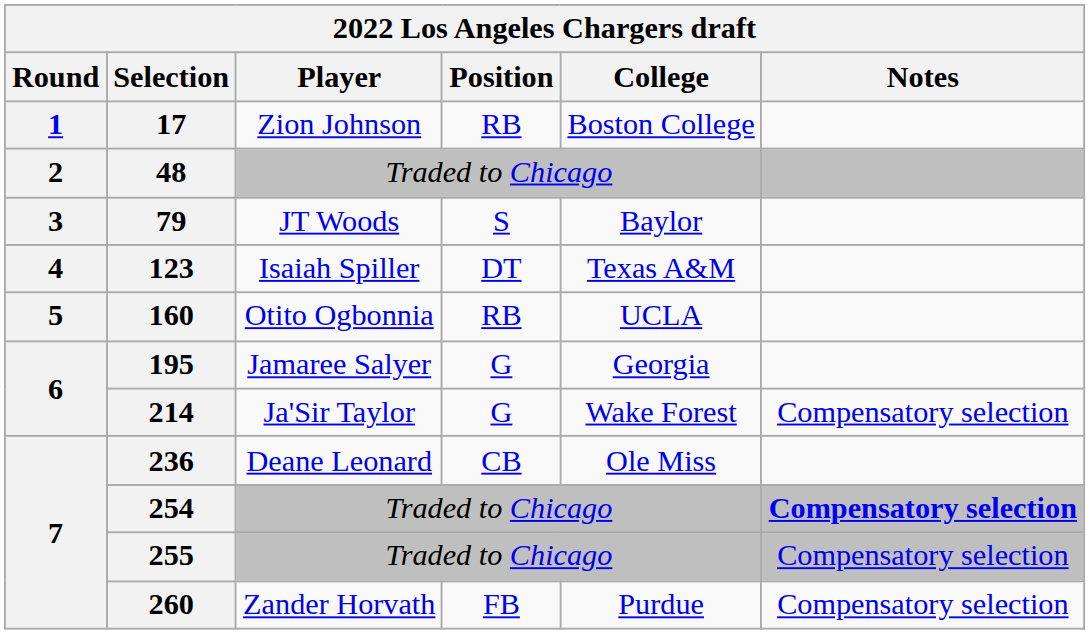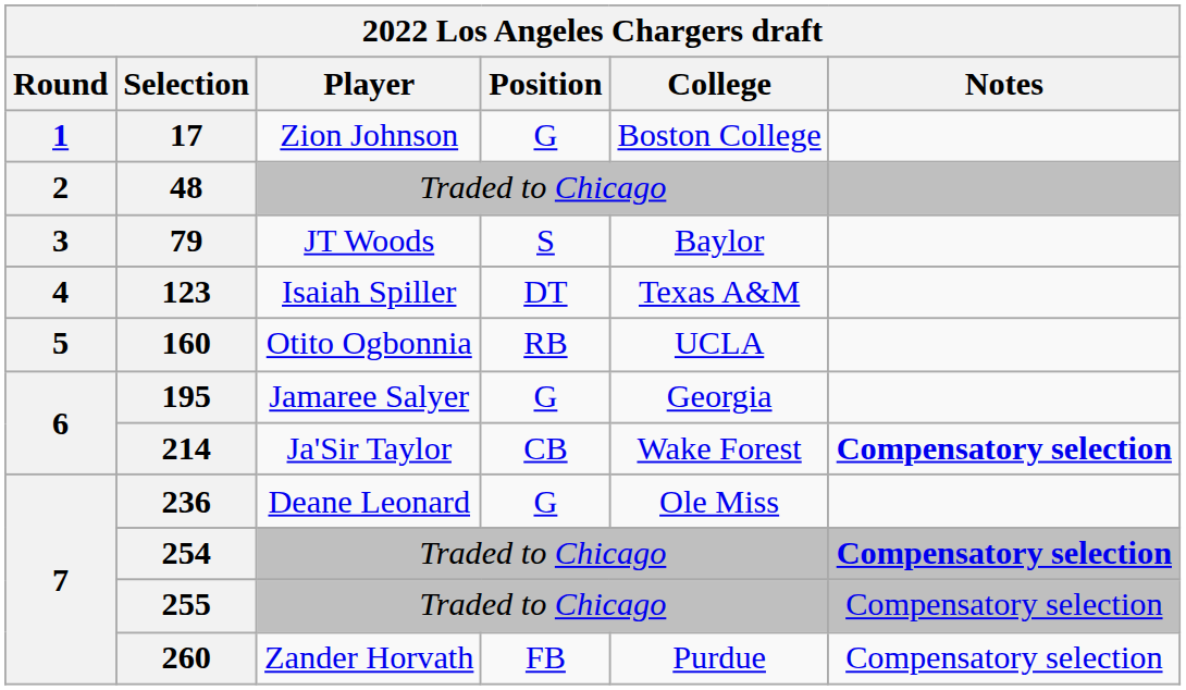 <table class="wikitable" style="text-align:center">
 <tr>
 <th colspan=6>2022 Los Angeles Chargers draft</th>
 </tr>
 <tr>
 <th>Round</th>
 <th>Selection</th>
 <th>Player</th>
 <th>Position</th>
 <th>College</th>
 <th>Notes</th>
 </tr>
 <tr>
 <th><a href='#'>1</a></th>
 <th>17</th>
 <td><a href='#'>Zion Johnson</a></td>
-<td><a href='#'>RB</a></td>
+<td><a href='#'>G</a></td>
 <td><a href='#'>Boston College</a></td>
 <td></td>
 </tr>
 <tr>
 <th>2</th>
 <th>48</th>
 <td colspan="3" style="background:#BFBFBF"><em>Traded to <a href='#'>Chicago</a></em></td>
 <td style="background:#BFBFBF"></td>
 </tr>
 <tr>
 <th>3</th>
 <th>79</th>
 <td><a href='#'>JT Woods</a></td>
 <td><a href='#'>S</a></td>
 <td><a href='#'>Baylor</a></td>
 <td></td>
 </tr>
 <tr>
 <th>4</th>
 <th>123</th>
 <td><a href='#'>Isaiah Spiller</a></td>
 <td><a href='#'>DT</a></td>
 <td><a href='#'>Texas A&M</a></td>
 <td></td>
 </tr>
 <tr>
 <th>5</th>
 <th>160</th>
 <td><a href='#'>Otito Ogbonnia</a></td>
 <td><a href='#'>RB</a></td>
 <td><a href='#'>UCLA</a></td>
 <td></td>
 </tr>
 <tr>
 <th rowspan="2">6</th>
 <th>195</th>
 <td><a href='#'>Jamaree Salyer</a></td>
 <td><a href='#'>G</a></td>
 <td><a href='#'>Georgia</a></td>
 <td></td>
 </tr>
 <tr>
 <th>214</th>
 <td><a href='#'>Ja'Sir Taylor</a></td>
-<td><a href='#'>G</a></td>
+<td><a href='#'>CB</a></td>
 <td><a href='#'>Wake Forest</a></td>
-<td><a href='#'>Compensatory selection</a></td>
+<td><strong><a href='#'>Compensatory selection</a></strong></td>
 </tr>
 <tr>
 <th rowspan="4">7</th>
 <th>236</th>
 <td><a href='#'>Deane Leonard</a></td>
-<td><a href='#'>CB</a></td>
+<td><a href='#'>G</a></td>
 <td><a href='#'>Ole Miss</a></td>
 <td></td>
 </tr>
 <tr>
 <th>254</th>
 <td colspan="3" style="background:#BFBFBF"><em>Traded to <a href='#'>Chicago</a></em></td>
 <td style="background:#BFBFBF"><strong><a href='#'>Compensatory selection</a></strong></td>
 </tr>
 <tr>
 <th>255</th>
 <td colspan="3" style="background:#BFBFBF"><em>Traded to <a href='#'>Chicago</a></em></td>
 <td style="background:#BFBFBF"><a href='#'>Compensatory selection</a></td>
 </tr>
 <tr>
 <th>260</th>
 <td><a href='#'>Zander Horvath</a></td>
 <td><a href='#'>FB</a></td>
 <td><a href='#'>Purdue</a></td>
 <td><a href='#'>Compensatory selection</a></td>
 </tr>
 </table>
